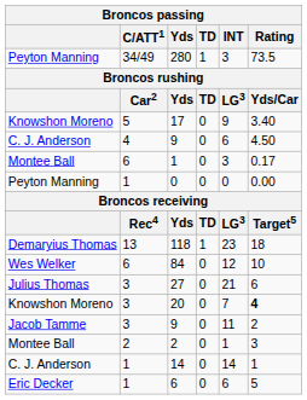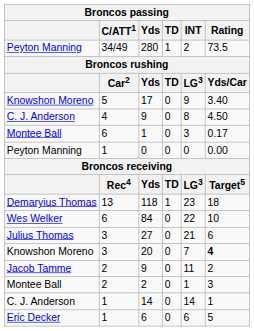 <table class="wikitable">
 <tr>
 <th colspan="6">Broncos passing</th>
 </tr>
 <tr>
 <th></th>
 <th>C/ATT<sup>1</sup></th>
 <th>Yds</th>
 <th>TD</th>
 <th>INT</th>
 <th>Rating</th>
 </tr>
 <tr>
 <td><a href='#'>Peyton Manning</a></td>
 <td>34/49</td>
 <td>280</td>
 <td>1</td>
-<td>3</td>
+<td>2</td>
 <td>73.5</td>
 </tr>
 <tr>
 <th colspan="6">Broncos rushing</th>
 </tr>
 <tr>
 <th></th>
 <th>Car<sup>2</sup></th>
 <th>Yds</th>
 <th>TD</th>
 <th>LG<sup>3</sup></th>
 <th>Yds/Car</th>
 </tr>
 <tr>
 <td><a href='#'>Knowshon Moreno</a></td>
 <td>5</td>
 <td>17</td>
 <td>0</td>
 <td>9</td>
 <td>3.40</td>
 </tr>
 <tr>
 <td><a href='#'>C. J. Anderson</a></td>
 <td>4</td>
 <td>9</td>
 <td>0</td>
-<td>6</td>
+<td>8</td>
 <td>4.50</td>
 </tr>
 <tr>
 <td><a href='#'>Montee Ball</a></td>
 <td>6</td>
 <td>1</td>
 <td>0</td>
 <td>3</td>
 <td>0.17</td>
 </tr>
 <tr>
 <td>Peyton Manning</td>
 <td>1</td>
 <td>0</td>
 <td>0</td>
 <td>0</td>
 <td>0.00</td>
 </tr>
 <tr>
 <th colspan="6">Broncos receiving</th>
 </tr>
 <tr>
 <th></th>
 <th>Rec<sup>4</sup></th>
 <th>Yds</th>
 <th>TD</th>
 <th>LG<sup>3</sup></th>
 <th>Target<sup>5</sup></th>
 </tr>
 <tr>
 <td><a href='#'>Demaryius Thomas</a></td>
 <td>13</td>
 <td>118</td>
 <td>1</td>
 <td>23</td>
 <td>18</td>
 </tr>
 <tr>
 <td><a href='#'>Wes Welker</a></td>
 <td>6</td>
 <td>84</td>
 <td>0</td>
-<td>12</td>
+<td>22</td>
 <td>10</td>
 </tr>
 <tr>
 <td><a href='#'>Julius Thomas</a></td>
 <td>3</td>
 <td>27</td>
 <td>0</td>
 <td>21</td>
 <td>6</td>
 </tr>
 <tr>
 <td>Knowshon Moreno</td>
 <td>3</td>
 <td>20</td>
 <td>0</td>
 <td>7</td>
 <td><strong>4</strong></td>
 </tr>
 <tr>
 <td><a href='#'>Jacob Tamme</a></td>
-<td>3</td>
+<td>2</td>
 <td>9</td>
 <td>0</td>
 <td>11</td>
 <td>2</td>
 </tr>
 <tr>
 <td>Montee Ball</td>
 <td>2</td>
 <td>2</td>
 <td>0</td>
 <td>1</td>
 <td>3</td>
 </tr>
 <tr>
 <td>C. J. Anderson</td>
 <td>1</td>
 <td>14</td>
 <td>0</td>
 <td>14</td>
 <td>1</td>
 </tr>
 <tr>
 <td><a href='#'>Eric Decker</a></td>
 <td>1</td>
 <td>6</td>
 <td>0</td>
 <td>6</td>
 <td>5</td>
 </tr>
 </table>
